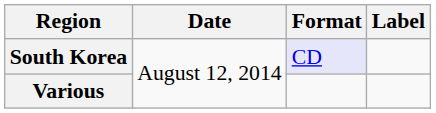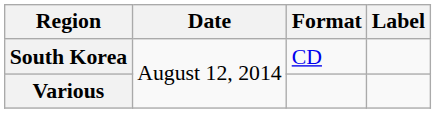 <table class="wikitable plainrowheaders">
 <tr>
 <th scope="col">Region</th>
 <th scope="col">Date</th>
 <th scope="col">Format</th>
 <th scope="col">Label</th>
 </tr>
 <tr>
 <th scope="row">South Korea</th>
 <td rowspan="2">August 12, 2014</td>
-<td style="background: lavender;"><a href='#'>CD</a></td>
+<td><a href='#'>CD</a></td>
 <td></td>
 </tr>
 <tr>
 <th scope="row">Various</th>
 <td></td>
 <td></td>
 </tr>
 </table>
